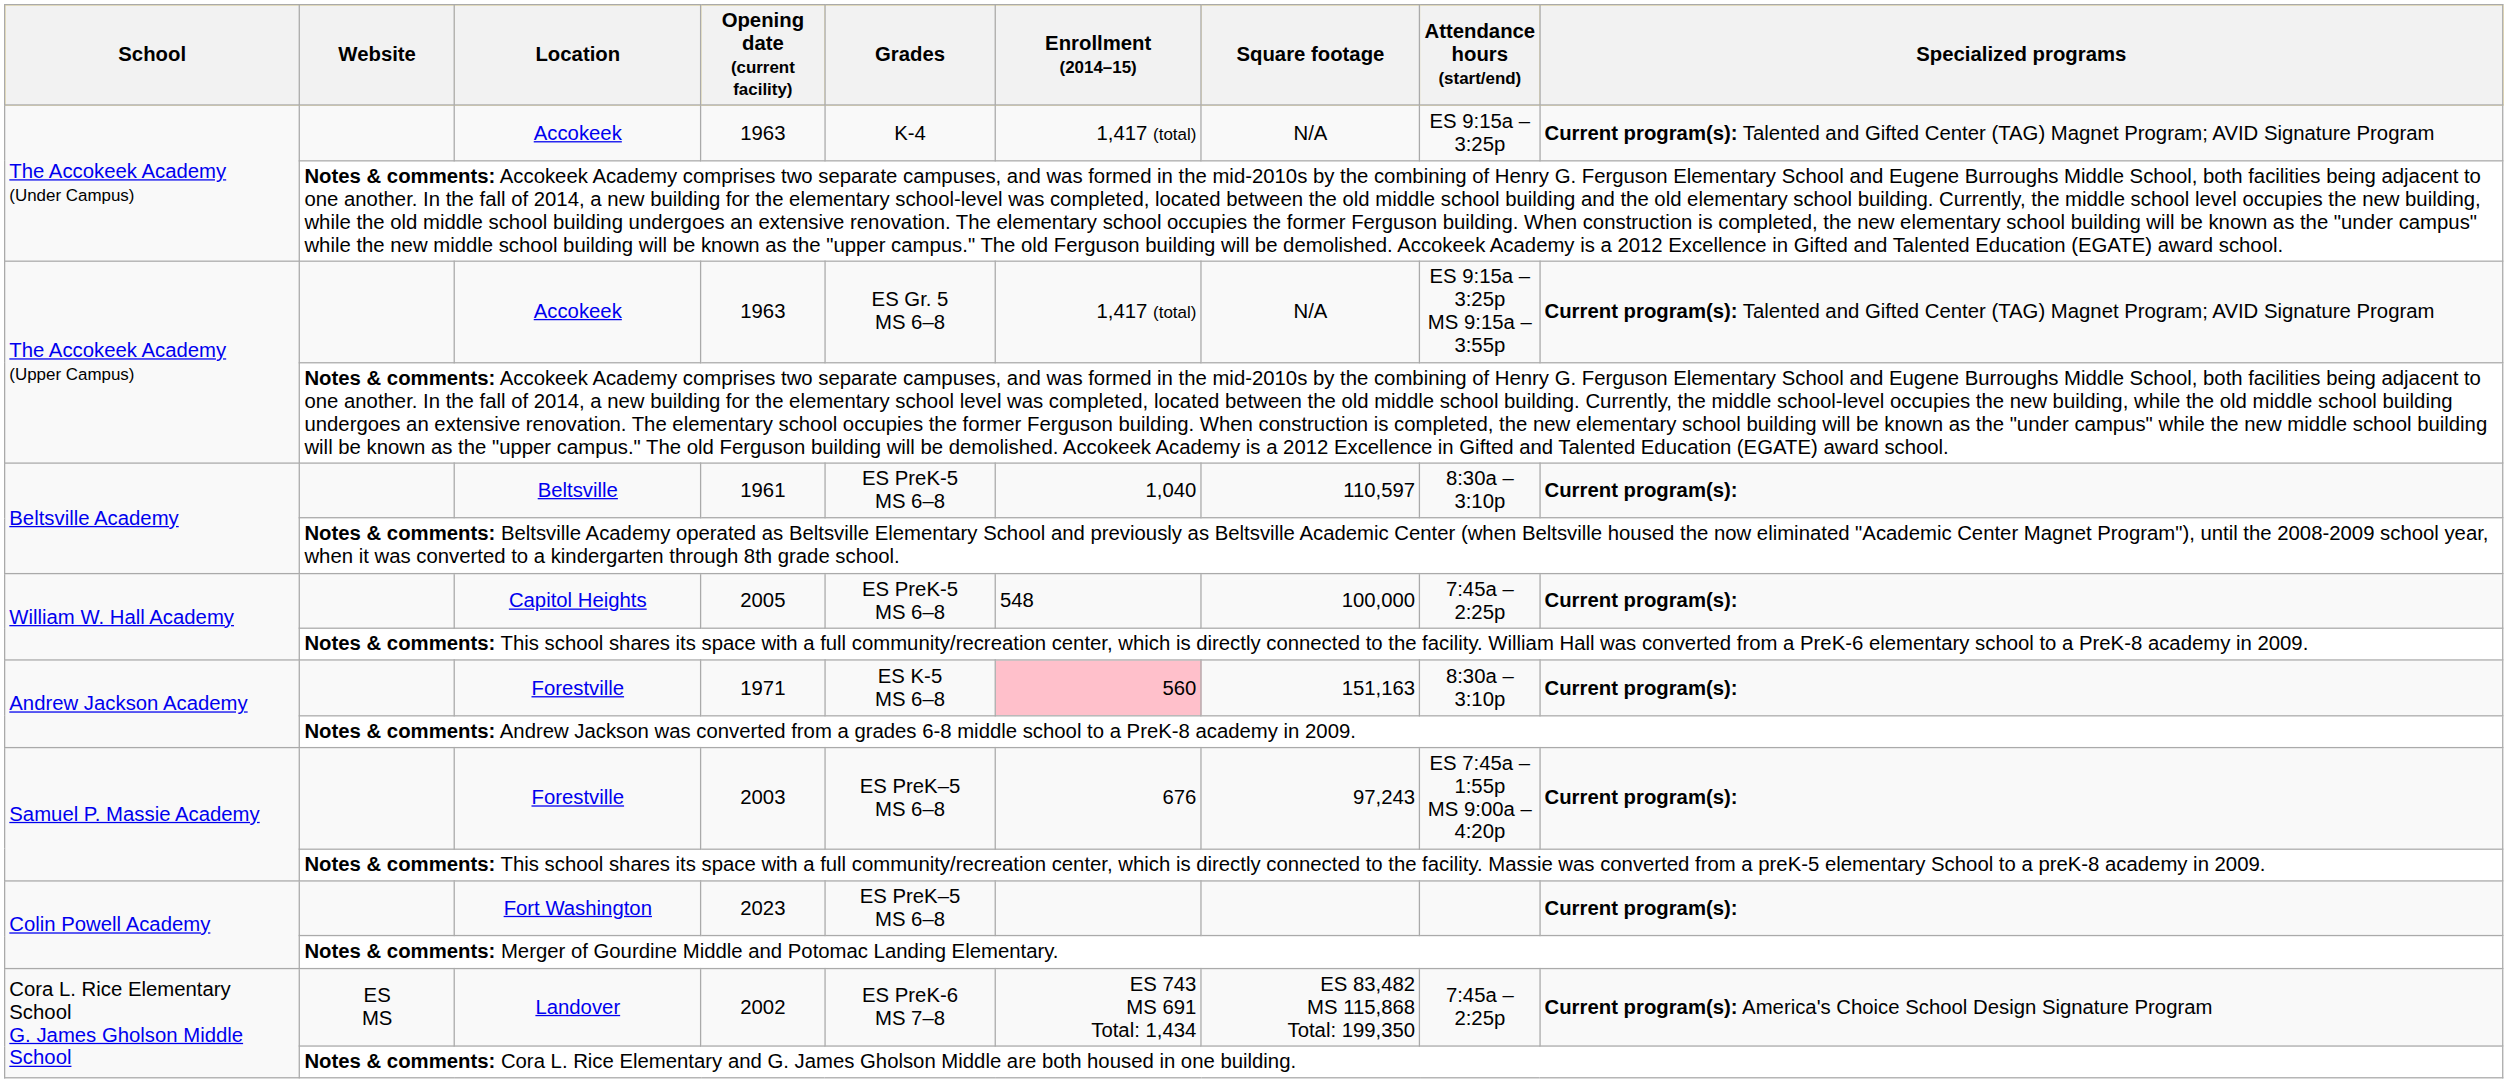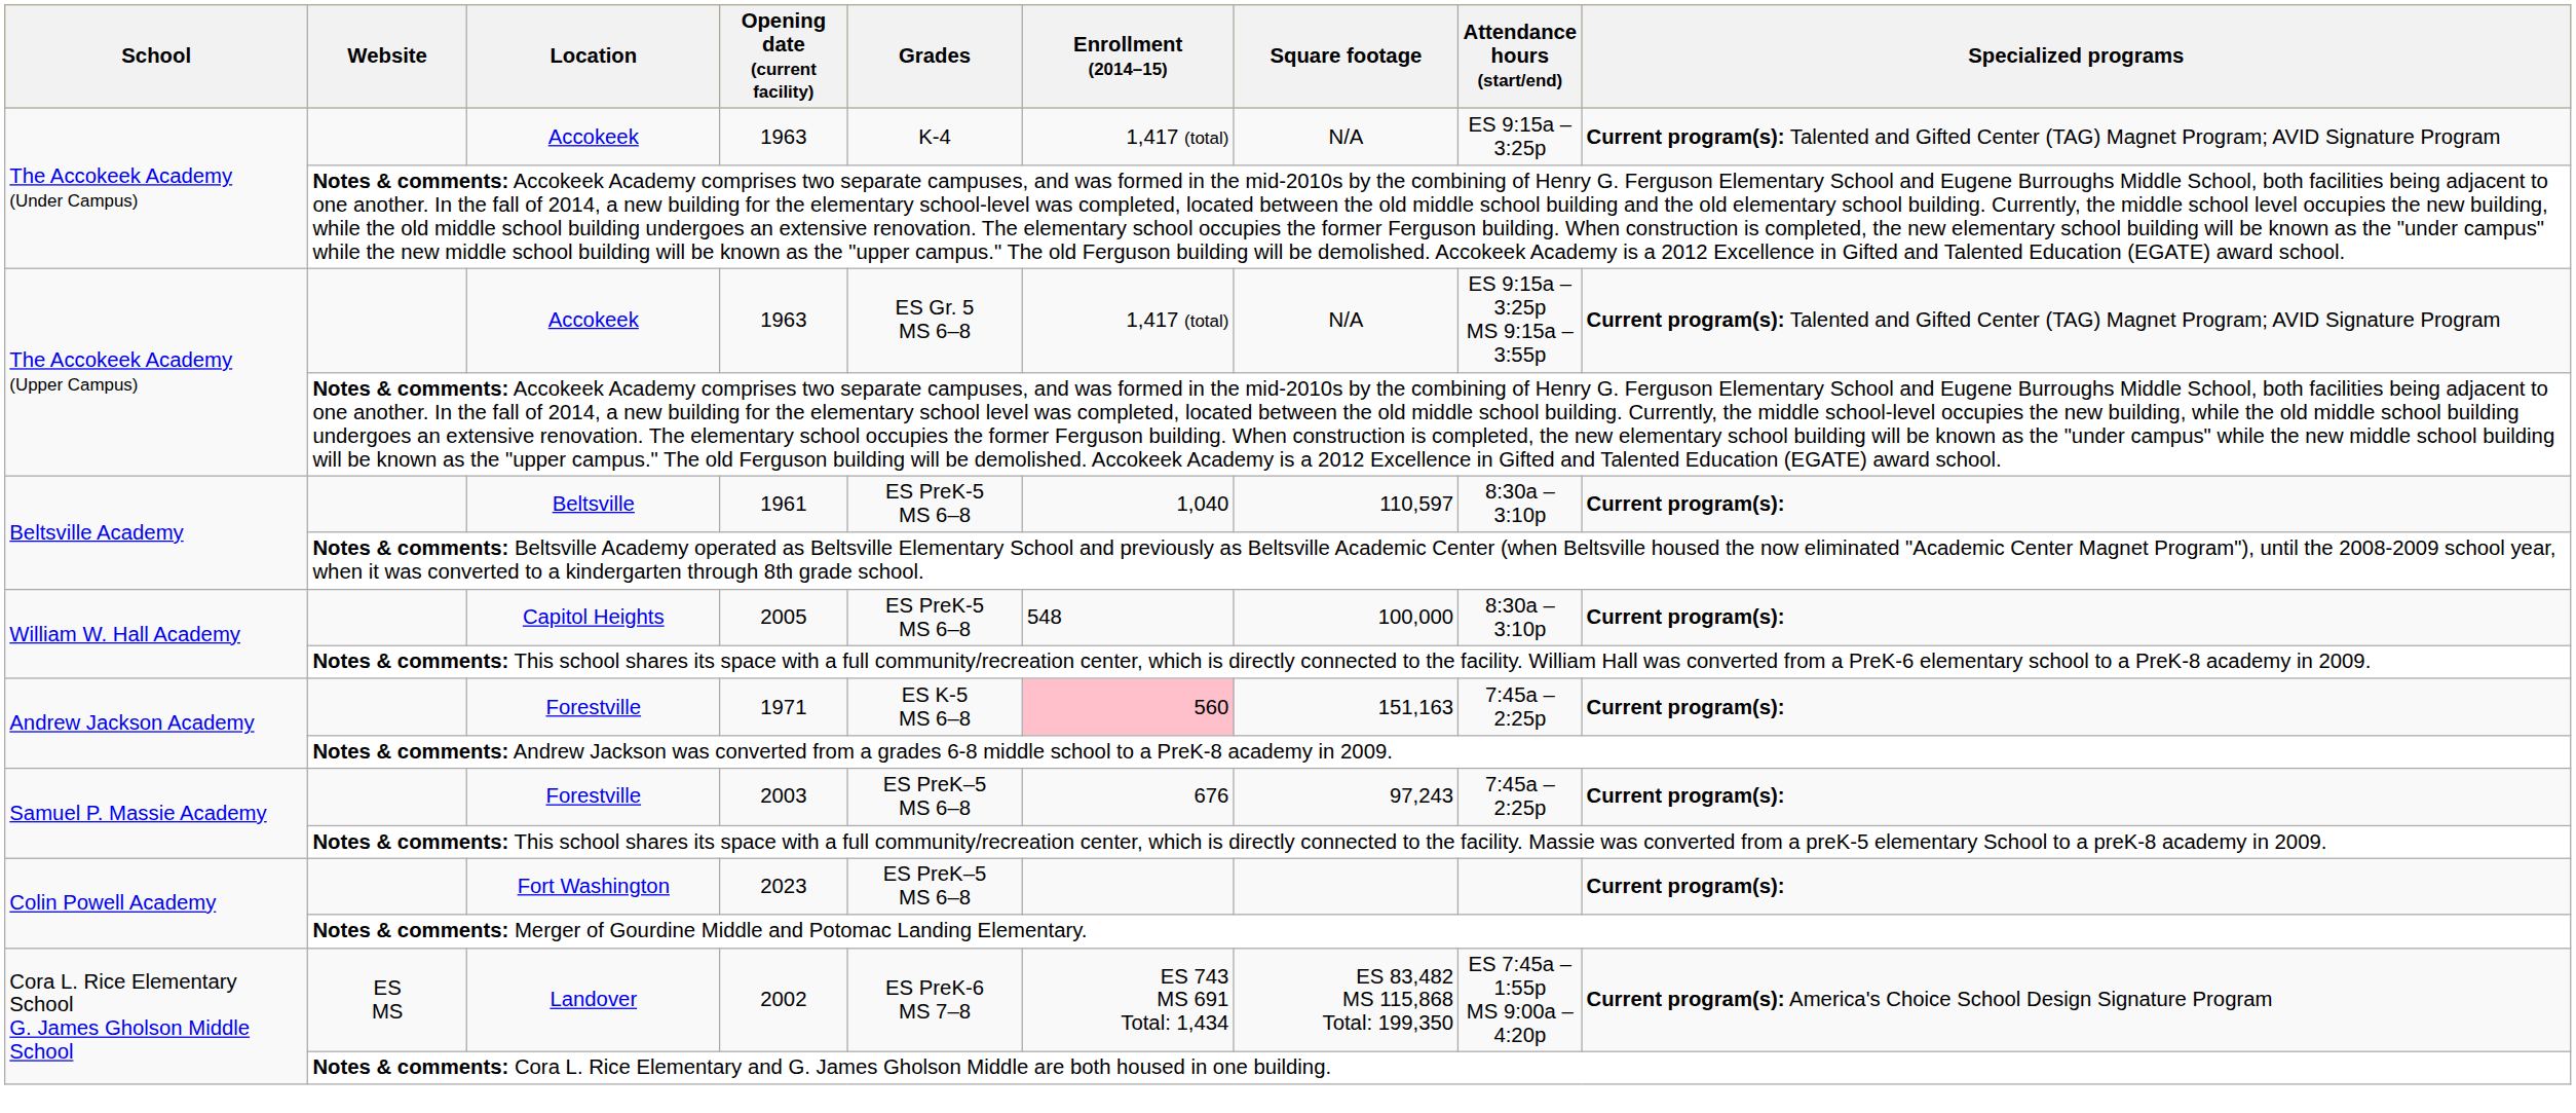 <table class="wikitable sortable mw-collapsible mw-collapsed toccolours" border="1" cellpadding="5" style="border-collapse:collapse">
 <tr style="background:#FFCC00;">
 <th style="width:225px;"><span>School</span></th>
 <th><span>Website</span></th>
 <th><span>Location</span></th>
 <th style="width:90px;"><span>Opening date<br> <small>(current facility)</small></span></th>
 <th><span>Grades</span></th>
 <th><span>Enrollment<br> <small>(2014–15)</small></span></th>
 <th><span>Square footage</span></th>
 <th style="width:80px;"><span>Attendance hours<br> <small>(start/end)</small></span></th>
 <th><span>Specialized programs</span></th>
 </tr>
 <tr>
 <td rowspan="2"><a href='#'>The Accokeek Academy</a><br><small>(Under Campus)</small></td>
 <td align="center"> </td>
 <td align="center"><a href='#'>Accokeek</a></td>
 <td align="center">1963</td>
 <td align="center">K-4</td>
 <td align="right">1,417 <small>(total)</small></td>
 <td align="center">N/A</td>
 <td align="center">ES 9:15a – 3:25p</td>
 <td><strong>Current program(s):</strong> Talented and Gifted Center (TAG) Magnet Program; AVID Signature Program</td>
 </tr>
 <tr>
 <td style="background:#fff;" colspan="8"><strong>Notes & comments:</strong> Accokeek Academy comprises two separate campuses, and was formed in the mid-2010s by the combining of Henry G. Ferguson Elementary School and Eugene Burroughs Middle School, both facilities being adjacent to one another. In the fall of 2014, a new building for the elementary school-level was completed, located between the old middle school building and the old elementary school building. Currently, the middle school level occupies the new building, while the old middle school building undergoes an extensive renovation. The elementary school occupies the former Ferguson building. When construction is completed, the new elementary school building will be known as the "under campus" while the new middle school building will be known as the "upper campus." The old Ferguson building will be demolished. Accokeek Academy is a 2012 Excellence in Gifted and Talented Education (EGATE) award school.</td>
 </tr>
 <tr>
 <td rowspan="2"><a href='#'>The Accokeek Academy</a><br><small>(Upper Campus)</small></td>
 <td align="center"> </td>
 <td align="center"><a href='#'>Accokeek</a></td>
 <td align="center">1963</td>
 <td align="center">ES Gr. 5<br>MS 6–8</td>
 <td align="right">1,417 <small>(total)</small></td>
 <td align="center">N/A</td>
 <td align="center">ES 9:15a – 3:25p<br>MS 9:15a – 3:55p</td>
 <td><strong>Current program(s):</strong> Talented and Gifted Center (TAG) Magnet Program; AVID Signature Program</td>
 </tr>
 <tr>
 <td style="background:#fff;" colspan="8"><strong>Notes & comments:</strong> Accokeek Academy comprises two separate campuses, and was formed in the mid-2010s by the combining of Henry G. Ferguson Elementary School and Eugene Burroughs Middle School, both facilities being adjacent to one another. In the fall of 2014, a new building for the elementary school level was completed, located between the old middle school building. Currently, the middle school-level occupies the new building, while the old middle school building undergoes an extensive renovation. The elementary school occupies the former Ferguson building. When construction is completed, the new elementary school building will be known as the "under campus" while the new middle school building will be known as the "upper campus." The old Ferguson building will be demolished. Accokeek Academy is a 2012 Excellence in Gifted and Talented Education (EGATE) award school.</td>
 </tr>
 <tr>
 <td rowspan="2"><a href='#'>Beltsville Academy</a></td>
 <td align="center”"> </td>
 <td align="center"><a href='#'>Beltsville</a></td>
 <td align="center">1961</td>
 <td align="center">ES PreK-5<br>MS 6–8</td>
 <td align="right">1,040</td>
 <td align="right">110,597</td>
 <td align="center">8:30a – 3:10p</td>
 <td><strong>Current program(s):</strong></td>
 </tr>
 <tr>
 <td style="background:#fff;" colspan="8"><strong>Notes & comments:</strong> Beltsville Academy operated as Beltsville Elementary School and previously as Beltsville Academic Center (when Beltsville housed the now eliminated "Academic Center Magnet Program"), until the 2008-2009 school year, when it was converted to a kindergarten through 8th grade school.</td>
 </tr>
 <tr>
 <td rowspan="2"><a href='#'>William W. Hall Academy</a></td>
 <td align="center"> </td>
 <td align="center"><a href='#'>Capitol Heights</a></td>
 <td align="center">2005</td>
 <td align="center">ES PreK-5<br>MS 6–8</td>
 <td align="right”">548</td>
 <td align="right">100,000</td>
-<td align="center">7:45a – 2:25p</td>
+<td align="center">8:30a – 3:10p</td>
 <td><strong>Current program(s):</strong></td>
 </tr>
 <tr>
 <td style="background:#fff;" colspan="8"><strong>Notes & comments:</strong> This school shares its space with a full community/recreation center, which is directly connected to the facility. William Hall was converted from a PreK-6 elementary school to a PreK-8 academy in 2009.</td>
 </tr>
 <tr>
 <td rowspan="2"><a href='#'>Andrew Jackson Academy</a></td>
 <td align="center"> </td>
 <td align="center"><a href='#'>Forestville</a></td>
 <td align="center">1971</td>
 <td align="center">ES K-5<br>MS 6–8</td>
 <td align="right" style="background: pink;">560</td>
 <td align="right">151,163</td>
-<td align="center">8:30a – 3:10p</td>
+<td align="center">7:45a – 2:25p</td>
 <td><strong>Current program(s):</strong></td>
 </tr>
 <tr>
 <td style="background:#fff;" colspan="8"><strong>Notes & comments:</strong> Andrew Jackson was converted from a grades 6-8 middle school to a PreK-8 academy in 2009.</td>
 </tr>
 <tr>
 <td rowspan="2"><a href='#'>Samuel P. Massie Academy</a></td>
 <td align="center"> </td>
 <td align="center"><a href='#'>Forestville</a></td>
 <td align="center">2003</td>
 <td align="center">ES PreK–5<br>MS 6–8</td>
 <td align="right">676</td>
 <td align="right">97,243</td>
-<td align="center">ES 7:45a – 1:55p<br>MS 9:00a – 4:20p</td>
+<td align="center">7:45a – 2:25p</td>
 <td><strong>Current program(s):</strong></td>
 </tr>
 <tr>
 <td style="background:#fff;" colspan="8"><strong>Notes & comments:</strong> This school shares its space with a full community/recreation center, which is directly connected to the facility. Massie was converted from a preK-5 elementary School to a preK-8 academy in 2009.</td>
 </tr>
 <tr>
 <td rowspan="2"><a href='#'>Colin Powell Academy</a></td>
 <td align="center"></td>
 <td align="center"><a href='#'>Fort Washington</a></td>
 <td align="center">2023</td>
 <td align="center">ES PreK–5<br>MS 6–8</td>
 <td align="right"></td>
 <td align="right"></td>
 <td align="center"></td>
 <td><strong>Current program(s):</strong></td>
 </tr>
 <tr>
 <td style="background:#fff;" colspan="8"><strong>Notes & comments:</strong> Merger of Gourdine Middle and Potomac Landing Elementary.</td>
 </tr>
 <tr>
 <td rowspan="2">Cora L. Rice Elementary School<br><a href='#'>G. James Gholson Middle School</a></td>
 <td align="center">ES  <br> MS  </td>
 <td align="center"><a href='#'>Landover</a></td>
 <td align="center">2002</td>
 <td align="center">ES PreK-6<br>MS 7–8</td>
 <td align="right">ES 743<br>MS 691<br>Total: 1,434</td>
 <td align="right">ES 83,482<br>MS 115,868<br>Total: 199,350</td>
-<td align="center">7:45a – 2:25p</td>
+<td align="center">ES 7:45a – 1:55p<br>MS 9:00a – 4:20p</td>
 <td><strong>Current program(s):</strong> America's Choice School Design Signature Program</td>
 </tr>
 <tr>
 <td style="background:#fff;" colspan="8"><strong>Notes & comments:</strong> Cora L. Rice Elementary and G. James Gholson Middle are both housed in one building.</td>
 </tr>
 </table>
